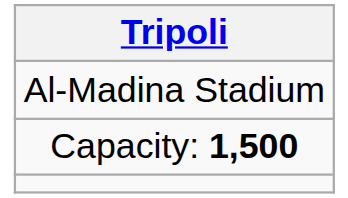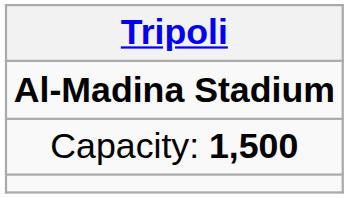 <table class="wikitable" style="margin:auto;text-align:center">
 <tr>
 <th><a href='#'>Tripoli</a></th>
 </tr>
 <tr>
-<td>Al-Madina Stadium</td>
+<td><strong>Al-Madina Stadium</strong></td>
 </tr>
 <tr>
 <td>Capacity: <strong>1,500</strong></td>
 </tr>
 <tr>
 <td></td>
 </tr>
 </table>
